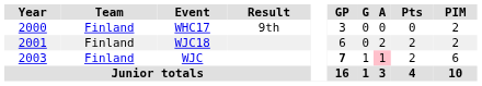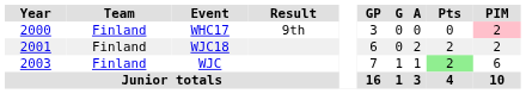 <table border="0" cellpadding="1" cellspacing="0" style="text-align:center; width:40em">
 <tr ALIGN="center" bgcolor="#e0e0e0">
 <th>Year</th>
 <th>Team</th>
 <th>Event</th>
 <th>Result</th>
 <th rowspan="99" bgcolor="#ffffff"> </th>
 <th>GP</th>
 <th>G</th>
 <th>A</th>
 <th>Pts</th>
 <th>PIM</th>
 </tr>
 <tr>
 <td><a href='#'>2000</a></td>
 <td><a href='#'>Finland</a></td>
 <td><a href='#'>WHC17</a></td>
 <td>9th</td>
 <td>3</td>
 <td>0</td>
 <td>0</td>
 <td>0</td>
-<td>2</td>
+<td style="background: pink;">2</td>
 </tr>
 <tr bgcolor="#f0f0f0">
 <td><a href='#'>2001</a></td>
 <td>Finland</td>
 <td><a href='#'>WJC18</a></td>
 <td></td>
 <td>6</td>
 <td>0</td>
 <td>2</td>
 <td>2</td>
 <td>2</td>
 </tr>
 <tr>
 <td><a href='#'>2003</a></td>
 <td><a href='#'>Finland</a></td>
 <td><a href='#'>WJC</a></td>
 <td></td>
-<td><strong>7</strong></td>
+<td>7</td>
 <td>1</td>
-<td style="background: pink;">1</td>
-<td>2</td>
+<td>1</td>
+<td style="background: lightgreen;">2</td>
 <td>6</td>
 </tr>
 <tr bgcolor="#e0e0e0">
 <th colspan=4>Junior totals</th>
 <th>16</th>
 <th>1</th>
 <th>3</th>
 <th>4</th>
 <th>10</th>
 </tr>
 </table>
